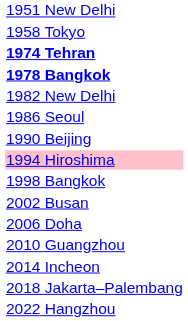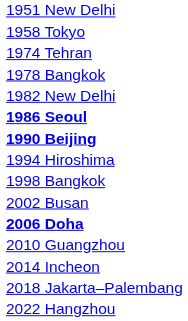 <table>
 <tr>
 <td><a href='#'>1951 New Delhi</a></td>
 <td></td>
 <td></td>
 <td></td>
 </tr>
 <tr>
 <td><a href='#'>1958 Tokyo</a></td>
 <td></td>
 <td></td>
 <td></td>
 </tr>
 <tr>
-<td><strong><a href='#'>1974 Tehran</a></strong></td>
+<td><a href='#'>1974 Tehran</a></td>
 <td></td>
 <td></td>
 <td></td>
 </tr>
 <tr>
-<td><strong><a href='#'>1978 Bangkok</a></strong></td>
+<td><a href='#'>1978 Bangkok</a></td>
 <td></td>
 <td></td>
 <td></td>
 </tr>
 <tr>
 <td><a href='#'>1982 New Delhi</a></td>
 <td></td>
 <td></td>
 <td></td>
 </tr>
 <tr>
-<td><a href='#'>1986 Seoul</a></td>
+<td><strong><a href='#'>1986 Seoul</a></strong></td>
 <td></td>
 <td></td>
 <td></td>
 </tr>
 <tr>
-<td><a href='#'>1990 Beijing</a></td>
+<td><strong><a href='#'>1990 Beijing</a></strong></td>
 <td></td>
 <td></td>
 <td></td>
 </tr>
 <tr>
-<td style="background: pink;"><a href='#'>1994 Hiroshima</a></td>
+<td><a href='#'>1994 Hiroshima</a></td>
 <td></td>
 <td></td>
 <td></td>
 </tr>
 <tr>
 <td><a href='#'>1998 Bangkok</a></td>
 <td></td>
 <td></td>
 <td></td>
 </tr>
 <tr>
 <td><a href='#'>2002 Busan</a></td>
 <td></td>
 <td></td>
 <td></td>
 </tr>
 <tr>
-<td><a href='#'>2006 Doha</a></td>
+<td><strong><a href='#'>2006 Doha</a></strong></td>
 <td></td>
 <td></td>
 <td></td>
 </tr>
 <tr>
 <td><a href='#'>2010 Guangzhou</a></td>
 <td></td>
 <td></td>
 <td></td>
 </tr>
 <tr>
 <td><a href='#'>2014 Incheon</a></td>
 <td></td>
 <td></td>
 <td></td>
 </tr>
 <tr>
 <td><a href='#'>2018 Jakarta–Palembang</a></td>
 <td></td>
 <td></td>
 <td></td>
 </tr>
 <tr>
 <td><a href='#'>2022 Hangzhou</a></td>
 <td></td>
 <td></td>
 <td></td>
 </tr>
 </table>
